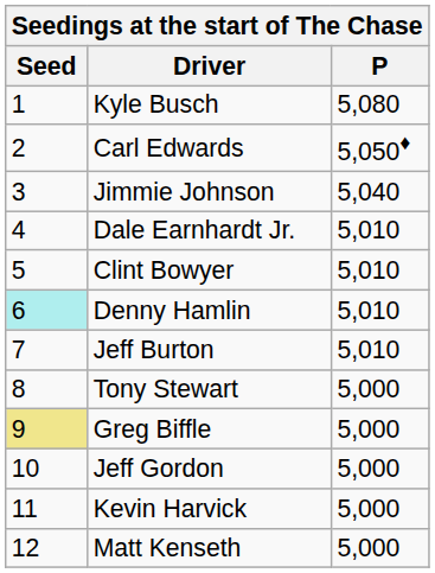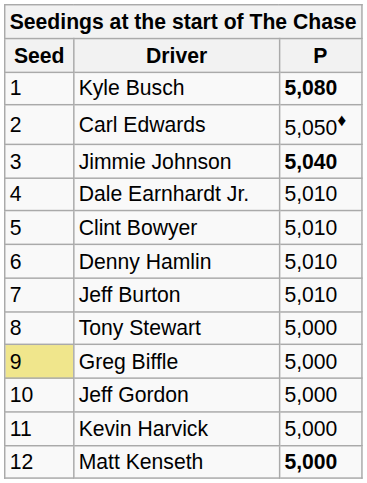 <table class="wikitable" style="font-size:90%;">
 <tr>
 <th colspan="9">Seedings at the start of The Chase</th>
 </tr>
 <tr>
 <th>Seed</th>
 <th>Driver</th>
 <th>P</th>
 </tr>
 <tr>
 <td>1</td>
 <td>Kyle Busch</td>
-<td>5,080</td>
+<td><strong>5,080</strong></td>
 </tr>
 <tr>
 <td>2</td>
 <td>Carl Edwards</td>
 <td>5,050<sup>♦</sup></td>
 </tr>
 <tr>
 <td>3</td>
 <td>Jimmie Johnson</td>
-<td>5,040</td>
+<td><strong>5,040</strong></td>
 </tr>
 <tr>
 <td>4</td>
 <td>Dale Earnhardt Jr.</td>
 <td>5,010</td>
 </tr>
 <tr>
 <td>5</td>
 <td>Clint Bowyer</td>
 <td>5,010</td>
 </tr>
 <tr>
-<td style="background: paleturquoise;">6</td>
+<td>6</td>
 <td>Denny Hamlin</td>
 <td>5,010</td>
 </tr>
 <tr>
 <td>7</td>
 <td>Jeff Burton</td>
 <td>5,010</td>
 </tr>
 <tr>
 <td>8</td>
 <td>Tony Stewart</td>
 <td>5,000</td>
 </tr>
 <tr>
 <td style="background: khaki;">9</td>
 <td>Greg Biffle</td>
 <td>5,000</td>
 </tr>
 <tr>
 <td>10</td>
 <td>Jeff Gordon</td>
 <td>5,000</td>
 </tr>
 <tr>
 <td>11</td>
 <td>Kevin Harvick</td>
 <td>5,000</td>
 </tr>
 <tr>
 <td>12</td>
 <td>Matt Kenseth</td>
-<td>5,000</td>
+<td><strong>5,000</strong></td>
 </tr>
 </table>
